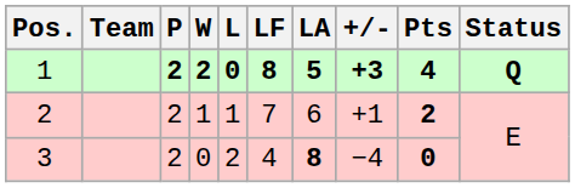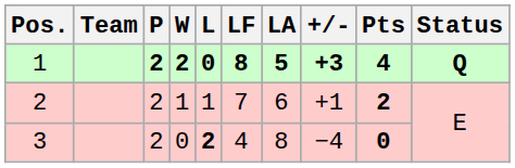 <table class="wikitable" style="text-align:center; margin: 1em auto 1em auto, align:left">
 <tr>
 <th>Pos.</th>
 <th>Team</th>
 <th>P</th>
 <th>W</th>
 <th>L</th>
 <th>LF</th>
 <th>LA</th>
 <th>+/-</th>
 <th>Pts</th>
 <th>Status</th>
 </tr>
 <tr style="background-color:#ccffcc">
 <td>1</td>
 <td style="text-align:left;"><strong></strong></td>
 <td><strong>2</strong></td>
 <td><strong>2</strong></td>
 <td><strong>0</strong></td>
 <td><strong>8</strong></td>
 <td><strong>5</strong></td>
 <td><strong>+3</strong></td>
 <td><strong>4</strong></td>
 <td><strong>Q</strong></td>
 </tr>
 <tr style="background-color:#FFCCCC">
 <td>2</td>
 <td style="text-align:left;"></td>
 <td>2</td>
 <td>1</td>
 <td>1</td>
 <td>7</td>
 <td>6</td>
 <td>+1</td>
 <td><strong>2</strong></td>
 <td rowspan=2>E</td>
 </tr>
 <tr style="background-color:#FFCCCC">
 <td>3</td>
 <td style="text-align:left;"></td>
 <td>2</td>
 <td>0</td>
-<td>2</td>
+<td><strong>2</strong></td>
 <td>4</td>
-<td><strong>8</strong></td>
+<td>8</td>
 <td>−4</td>
 <td><strong>0</strong></td>
 </tr>
 </table>
